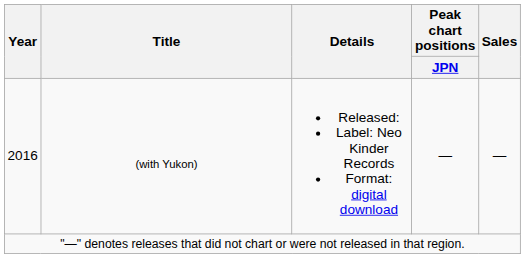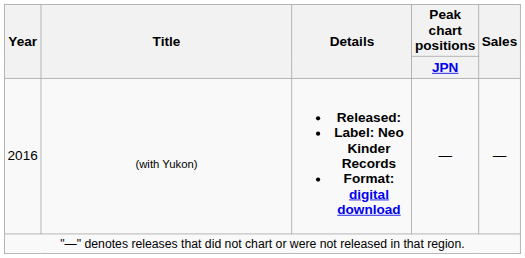 <table class="wikitable plainrowheaders" style="text-align:center;">
 <tr>
 <th rowspan="2">Year</th>
 <th rowspan="2" style="width:18em;">Title</th>
 <th rowspan="2">Details</th>
 <th colspan="1">Peak chart positions</th>
 <th rowspan="2">Sales</th>
 </tr>
 <tr>
 <th width="30"><a href='#'>JPN</a></th>
 </tr>
 <tr>
 <td>2016</td>
 <td><strong></strong><br><small>(with Yukon)</small></td>
-<td><br><ul><li>Released: </li><li>Label: Neo Kinder Records</li><li>Format: <a href='#'>digital download</a></li></ul></td>
+<td><strong><br><ul><li>Released: </li><li>Label: Neo Kinder Records</li><li>Format: <a href='#'>digital download</a></li></ul></strong></td>
 <td>—</td>
 <td>—</td>
 </tr>
 <tr>
 <td colspan="5" style="font-size:90%;">"—" denotes releases that did not chart or were not released in that region.</td>
 </tr>
 </table>
